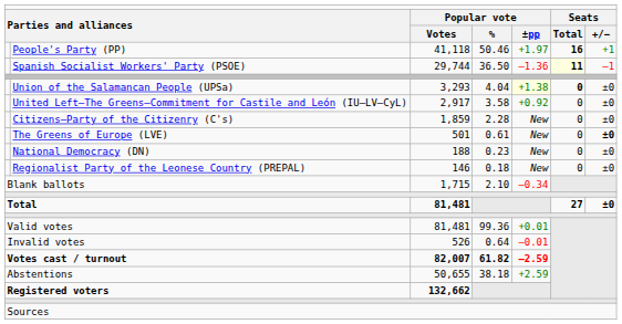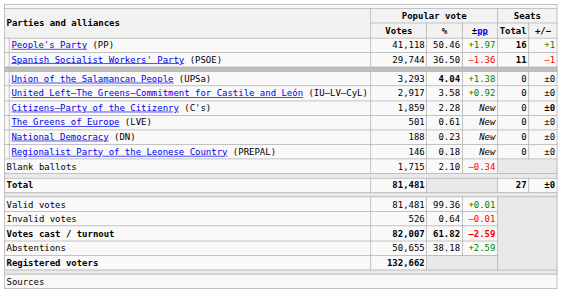 <table class="wikitable" style="text-align:right;">
 <tr>
 <td colspan="7"></td>
 </tr>
 <tr>
 <th style="text-align:left;" rowspan="2" colspan="2" width="525">Parties and alliances</th>
 <th colspan="3">Popular vote</th>
 <th colspan="2">Seats</th>
 </tr>
 <tr>
 <th width="75">Votes</th>
 <th width="45">%</th>
 <th width="45">±<a href='#'>pp</a></th>
 <th width="35">Total</th>
 <th width="35">+/−</th>
 </tr>
 <tr>
 <td width="1" style="color:inherit;background:"></td>
 <td align="left"><a href='#'>People's Party</a> (PP)</td>
 <td>41,118</td>
 <td>50.46</td>
 <td style="color:green;">+1.97</td>
 <td><strong>16</strong></td>
 <td style="color:green;">+1</td>
 </tr>
 <tr>
 <td style="color:inherit;background:"></td>
 <td align="left"><a href='#'>Spanish Socialist Workers' Party</a> (PSOE)</td>
 <td>29,744</td>
 <td>36.50</td>
 <td style="color:red;">–1.36</td>
-<td style="background: lightyellow;"><strong>11</strong></td>
+<td><strong>11</strong></td>
 <td style="color:red;">–1</td>
 </tr>
 <tr>
 <td colspan="7" bgcolor="#C0C0C0"></td>
 </tr>
 <tr>
 <td style="color:inherit;background:"></td>
 <td align="left"><a href='#'>Union of the Salamancan People</a> (UPSa)</td>
 <td>3,293</td>
-<td>4.04</td>
-<td style="background: lightyellow; color:green;">+1.38</td>
-<td><strong>0</strong></td>
+<td><strong>4.04</strong></td>
+<td style="color:green;">+1.38</td>
+<td>0</td>
 <td>±0</td>
 </tr>
 <tr>
 <td style="color:inherit;background:"></td>
 <td align="left"><a href='#'>United Left–The Greens–Commitment for Castile and León</a> (IU–LV–CyL)</td>
 <td>2,917</td>
 <td>3.58</td>
 <td style="color:green;">+0.92</td>
 <td>0</td>
 <td>±0</td>
 </tr>
 <tr>
 <td style="color:inherit;background:"></td>
 <td align="left"><a href='#'>Citizens–Party of the Citizenry</a> (C's)</td>
 <td>1,859</td>
 <td>2.28</td>
 <td><em>New</em></td>
 <td>0</td>
-<td>±0</td>
+<td><strong>±0</strong></td>
 </tr>
 <tr>
 <td style="color:inherit;background:"></td>
 <td align="left"><a href='#'>The Greens of Europe</a> (LVE)</td>
 <td>501</td>
 <td>0.61</td>
 <td><em>New</em></td>
 <td>0</td>
-<td><strong>±0</strong></td>
+<td>±0</td>
 </tr>
 <tr>
 <td style="color:inherit;background:"></td>
 <td align="left"><a href='#'>National Democracy</a> (DN)</td>
 <td>188</td>
 <td>0.23</td>
 <td><em>New</em></td>
 <td>0</td>
 <td>±0</td>
 </tr>
 <tr>
 <td style="color:inherit;background:"></td>
 <td align="left"><a href='#'>Regionalist Party of the Leonese Country</a> (PREPAL)</td>
 <td>146</td>
 <td>0.18</td>
 <td><em>New</em></td>
 <td>0</td>
 <td>±0</td>
 </tr>
 <tr>
 <td align="left" colspan="2">Blank ballots</td>
 <td>1,715</td>
 <td>2.10</td>
 <td style="color:red;">–0.34</td>
 <td bgcolor="#E9E9E9" colspan="2"></td>
 </tr>
 <tr>
 <td colspan="7" bgcolor="#E9E9E9"></td>
 </tr>
 <tr style="font-weight:bold;">
 <td align="left" colspan="2">Total</td>
 <td>81,481</td>
 <td bgcolor="#E9E9E9" colspan="2"></td>
 <td>27</td>
 <td>±0</td>
 </tr>
 <tr>
 <td colspan="7" bgcolor="#E9E9E9"></td>
 </tr>
 <tr>
 <td align="left" colspan="2">Valid votes</td>
 <td>81,481</td>
 <td>99.36</td>
 <td style="color:green;">+0.01</td>
 <td bgcolor="#E9E9E9" colspan="2" rowspan="5"></td>
 </tr>
 <tr>
 <td align="left" colspan="2">Invalid votes</td>
 <td>526</td>
 <td>0.64</td>
 <td style="color:red;">–0.01</td>
 </tr>
 <tr style="font-weight:bold;">
 <td align="left" colspan="2">Votes cast / turnout</td>
 <td>82,007</td>
 <td>61.82</td>
 <td style="color:red;">–2.59</td>
 </tr>
 <tr>
 <td align="left" colspan="2">Abstentions</td>
 <td>50,655</td>
 <td>38.18</td>
 <td style="color:green;">+2.59</td>
 </tr>
 <tr style="font-weight:bold;">
 <td align="left" colspan="2">Registered voters</td>
 <td>132,662</td>
 <td bgcolor="#E9E9E9" colspan="2"></td>
 </tr>
 <tr>
 <td colspan="7" bgcolor="#E9E9E9"></td>
 </tr>
 <tr>
 <td align="left" colspan="7">Sources</td>
 </tr>
 </table>
